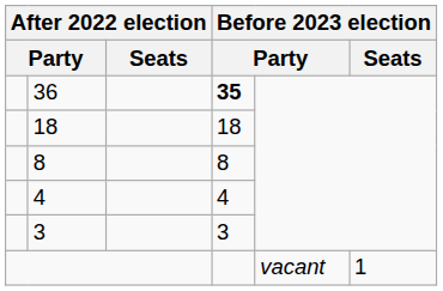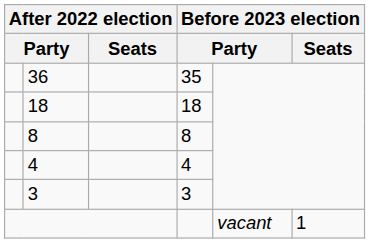 <table class="wikitable">
 <tr>
 <th colspan="3">After 2022 election</th>
 <th colspan="3">Before 2023 election</th>
 </tr>
 <tr>
 <th colspan="2">Party</th>
 <th>Seats</th>
 <th colspan="2">Party</th>
 <th>Seats</th>
 </tr>
 <tr>
 <td></td>
 <td>36</td>
 <td></td>
-<td><strong>35</strong></td>
+<td>35</td>
 </tr>
 <tr>
 <td></td>
 <td>18</td>
 <td></td>
 <td>18</td>
 </tr>
 <tr>
 <td></td>
 <td>8</td>
 <td></td>
 <td>8</td>
 </tr>
 <tr>
 <td></td>
 <td>4</td>
 <td></td>
 <td>4</td>
 </tr>
 <tr>
 <td></td>
 <td>3</td>
 <td></td>
 <td>3</td>
 </tr>
 <tr>
 <td colspan="3"> </td>
 <td> </td>
 <td><em>vacant</em></td>
 <td>1</td>
 </tr>
 </table>
